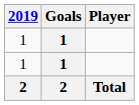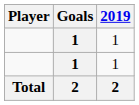 <table class="wikitable sortable" style="text-align:center;">
 <tr>
+<th>Player</th>
+<th>Goals</th>
 <th><a href='#'>2019</a></th>
-<th>Goals</th>
-<th>Player</th>
 </tr>
 <tr>
+<td align="left"></td>
+<th>1</th>
 <td>1</td>
-<th>1</th>
-<td align="left"></td>
 </tr>
 <tr>
+<td align="left"></td>
+<th>1</th>
 <td>1</td>
-<th>1</th>
-<td align="left"></td>
 </tr>
 <tr class="sortbottom">
+<th>Total</th>
 <th>2</th>
 <th>2</th>
-<th>Total</th>
 </tr>
 </table>
